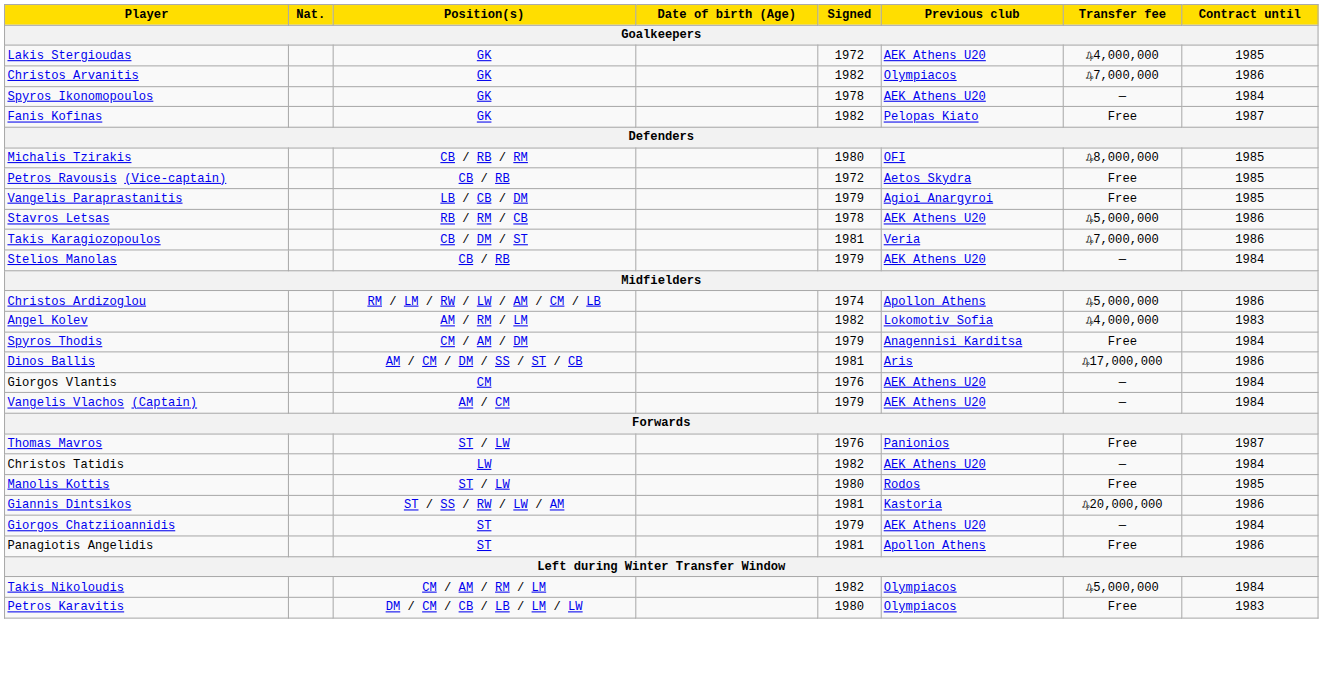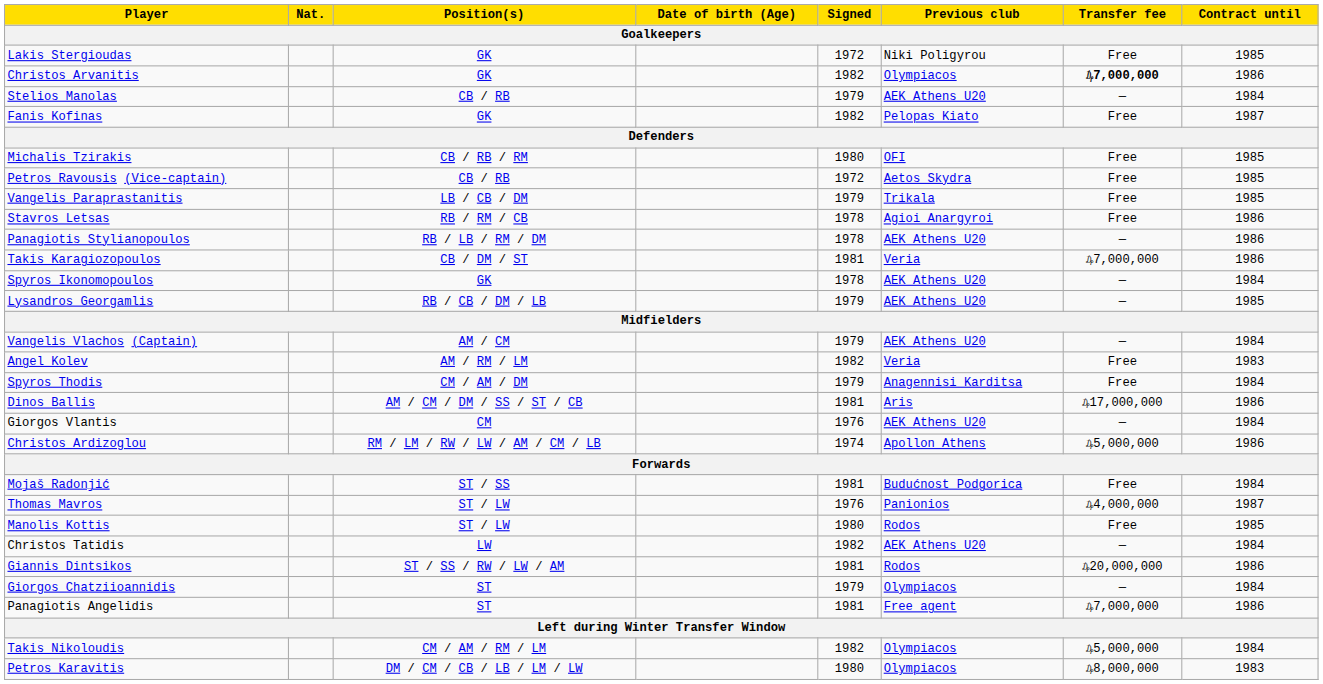 <table class="wikitable" style="text-align:center; font-size:90%;width:100%;">
 <tr>
 <th style="background:#FFDE00">Player</th>
 <th style="background:#FFDE00">Nat.</th>
 <th style="background:#FFDE00">Position(s)</th>
 <th style="background:#FFDE00">Date of birth (Age)</th>
 <th style="background:#FFDE00">Signed</th>
 <th style="background:#FFDE00">Previous club</th>
 <th style="background:#FFDE00">Transfer fee</th>
 <th style="background:#FFDE00">Contract until</th>
 </tr>
 <tr>
 <th colspan="8">Goalkeepers</th>
 </tr>
 <tr>
 <td align=left><a href='#'>Lakis Stergioudas</a></td>
 <td></td>
 <td><a href='#'>GK</a></td>
 <td></td>
 <td>1972</td>
-<td align=left> <a href='#'>AEK Athens U20</a></td>
-<td>₯4,000,000</td>
+<td align=left> Niki Poligyrou</td>
+<td>Free</td>
 <td>1985</td>
 </tr>
 <tr>
 <td align=left><a href='#'>Christos Arvanitis</a></td>
 <td></td>
 <td><a href='#'>GK</a></td>
 <td></td>
 <td>1982</td>
 <td align=left> <a href='#'>Olympiacos</a></td>
-<td>₯7,000,000</td>
+<td><strong>₯7,000,000</strong></td>
 <td>1986</td>
 </tr>
 <tr>
-<td align=left><a href='#'>Spyros Ikonomopoulos</a></td>
+<td align=left><a href='#'>Stelios Manolas</a></td>
 <td></td>
-<td><a href='#'>GK</a></td>
+<td><a href='#'>CB</a> / <a href='#'>RB</a></td>
 <td></td>
-<td>1978</td>
+<td>1979</td>
 <td align=left> <a href='#'>AEK Athens U20</a></td>
 <td>—</td>
 <td>1984</td>
 </tr>
 <tr>
 <td align=left><a href='#'>Fanis Kofinas</a></td>
 <td></td>
 <td><a href='#'>GK</a></td>
 <td></td>
 <td>1982</td>
 <td align=left> <a href='#'>Pelopas Kiato</a></td>
 <td>Free</td>
 <td>1987</td>
 </tr>
 <tr>
 <th colspan="8">Defenders</th>
 </tr>
 <tr>
 <td align=left><a href='#'>Michalis Tzirakis</a></td>
 <td></td>
 <td><a href='#'>CB</a> / <a href='#'>RB</a> / <a href='#'>RM</a></td>
 <td></td>
 <td>1980</td>
 <td align=left> <a href='#'>OFI</a></td>
-<td>₯8,000,000</td>
+<td>Free</td>
 <td>1985</td>
 </tr>
 <tr>
 <td align=left><a href='#'>Petros Ravousis</a> <a href='#'>(Vice-captain)</a></td>
 <td></td>
 <td><a href='#'>CB</a> / <a href='#'>RB</a></td>
 <td></td>
 <td>1972</td>
 <td align=left> <a href='#'>Aetos Skydra</a></td>
 <td>Free</td>
 <td>1985</td>
 </tr>
 <tr>
 <td align=left><a href='#'>Vangelis Paraprastanitis</a></td>
 <td></td>
 <td><a href='#'>LB</a> / <a href='#'>CB</a> / <a href='#'>DM</a></td>
 <td></td>
 <td>1979</td>
-<td align=left> <a href='#'>Agioi Anargyroi</a></td>
+<td align=left> <a href='#'>Trikala</a></td>
 <td>Free</td>
 <td>1985</td>
 </tr>
 <tr>
 <td align=left><a href='#'>Stavros Letsas</a></td>
 <td></td>
 <td><a href='#'>RB</a> / <a href='#'>RM</a> / <a href='#'>CB</a></td>
 <td></td>
 <td>1978</td>
+<td align=left> <a href='#'>Agioi Anargyroi</a></td>
+<td>Free</td>
+<td>1986</td>
+</tr>
+<tr>
+<td align=left><a href='#'>Panagiotis Stylianopoulos</a></td>
+<td></td>
+<td><a href='#'>RB</a> / <a href='#'>LB</a> / <a href='#'>RM</a> / <a href='#'>DM</a></td>
+<td></td>
+<td>1978</td>
 <td align=left> <a href='#'>AEK Athens U20</a></td>
-<td>₯5,000,000</td>
+<td>—</td>
 <td>1986</td>
 </tr>
 <tr>
 <td align=left><a href='#'>Takis Karagiozopoulos</a></td>
 <td></td>
 <td><a href='#'>CB</a> / <a href='#'>DM</a> / <a href='#'>ST</a></td>
 <td></td>
 <td>1981</td>
 <td align=left> <a href='#'>Veria</a></td>
 <td>₯7,000,000</td>
 <td>1986</td>
 </tr>
 <tr>
-<td align=left><a href='#'>Stelios Manolas</a></td>
+<td align=left><a href='#'>Spyros Ikonomopoulos</a></td>
 <td></td>
-<td><a href='#'>CB</a> / <a href='#'>RB</a></td>
+<td><a href='#'>GK</a></td>
+<td></td>
+<td>1978</td>
+<td align=left> <a href='#'>AEK Athens U20</a></td>
+<td>—</td>
+<td>1984</td>
+</tr>
+<tr>
+<td align=left><a href='#'>Lysandros Georgamlis</a></td>
+<td></td>
+<td><a href='#'>RB</a> / <a href='#'>CB</a> / <a href='#'>DM</a> / <a href='#'>LB</a></td>
+<td></td>
+<td>1979</td>
+<td align=left> <a href='#'>AEK Athens U20</a></td>
+<td>—</td>
+<td>1985</td>
+</tr>
+<tr>
+<th colspan="8">Midfielders</th>
+</tr>
+<tr>
+<td align=left><a href='#'>Vangelis Vlachos</a> <a href='#'>(Captain)</a></td>
+<td></td>
+<td><a href='#'>AM</a> / <a href='#'>CM</a></td>
 <td></td>
 <td>1979</td>
 <td align=left> <a href='#'>AEK Athens U20</a></td>
 <td>—</td>
 <td>1984</td>
 </tr>
 <tr>
-<th colspan="8">Midfielders</th>
-</tr>
-<tr>
-<td align=left><a href='#'>Christos Ardizoglou</a></td>
-<td></td>
-<td><a href='#'>RM</a> / <a href='#'>LM</a> / <a href='#'>RW</a> / <a href='#'>LW</a>  / <a href='#'>AM</a> / <a href='#'>CM</a> / <a href='#'>LB</a></td>
-<td></td>
-<td>1974</td>
-<td align=left> <a href='#'>Apollon Athens</a></td>
-<td>₯5,000,000</td>
-<td>1986</td>
-</tr>
-<tr>
 <td align=left><a href='#'>Angel Kolev</a></td>
 <td></td>
 <td><a href='#'>AM</a> / <a href='#'>RM</a> / <a href='#'>LM</a></td>
 <td></td>
 <td>1982</td>
-<td align=left> <a href='#'>Lokomotiv Sofia</a></td>
-<td>₯4,000,000</td>
+<td align=left> <a href='#'>Veria</a></td>
+<td>Free</td>
 <td>1983</td>
 </tr>
 <tr>
 <td align=left><a href='#'>Spyros Thodis</a></td>
 <td></td>
 <td><a href='#'>CM</a> / <a href='#'>AM</a> / <a href='#'>DM</a></td>
 <td></td>
 <td>1979</td>
 <td align=left> <a href='#'>Anagennisi Karditsa</a></td>
 <td>Free</td>
 <td>1984</td>
 </tr>
 <tr>
 <td align=left><a href='#'>Dinos Ballis</a></td>
 <td></td>
 <td><a href='#'>AM</a> / <a href='#'>CM</a> / <a href='#'>DM</a> / <a href='#'>SS</a> / <a href='#'>ST</a> / <a href='#'>CB</a></td>
 <td></td>
 <td>1981</td>
 <td align=left> <a href='#'>Aris</a></td>
 <td>₯17,000,000</td>
 <td>1986</td>
 </tr>
 <tr>
 <td align=left>Giorgos Vlantis</td>
 <td></td>
 <td><a href='#'>CM</a></td>
 <td></td>
 <td>1976</td>
 <td align=left> <a href='#'>AEK Athens U20</a></td>
 <td>—</td>
 <td>1984</td>
 </tr>
 <tr>
-<td align=left><a href='#'>Vangelis Vlachos</a> <a href='#'>(Captain)</a></td>
+<td align=left><a href='#'>Christos Ardizoglou</a></td>
 <td></td>
-<td><a href='#'>AM</a> / <a href='#'>CM</a></td>
+<td><a href='#'>RM</a> / <a href='#'>LM</a> / <a href='#'>RW</a> / <a href='#'>LW</a>  / <a href='#'>AM</a> / <a href='#'>CM</a> / <a href='#'>LB</a></td>
 <td></td>
-<td>1979</td>
-<td align=left> <a href='#'>AEK Athens U20</a></td>
-<td>—</td>
-<td>1984</td>
+<td>1974</td>
+<td align=left> <a href='#'>Apollon Athens</a></td>
+<td>₯5,000,000</td>
+<td>1986</td>
 </tr>
 <tr>
 <th colspan="8">Forwards</th>
+</tr>
+<tr>
+<td align=left><a href='#'>Mojaš Radonjić</a></td>
+<td></td>
+<td><a href='#'>ST</a> / <a href='#'>SS</a></td>
+<td></td>
+<td>1981</td>
+<td align=left> <a href='#'>Budućnost Podgorica</a></td>
+<td>Free</td>
+<td>1984</td>
 </tr>
 <tr>
 <td align=left><a href='#'>Thomas Mavros</a></td>
 <td></td>
 <td><a href='#'>ST</a> / <a href='#'>LW</a></td>
 <td></td>
 <td>1976</td>
 <td align=left> <a href='#'>Panionios</a></td>
+<td>₯4,000,000</td>
+<td>1987</td>
+</tr>
+<tr>
+<td align=left><a href='#'>Manolis Kottis</a></td>
+<td></td>
+<td><a href='#'>ST</a> / <a href='#'>LW</a></td>
+<td></td>
+<td>1980</td>
+<td align=left> <a href='#'>Rodos</a></td>
 <td>Free</td>
-<td>1987</td>
+<td>1985</td>
 </tr>
 <tr>
 <td align=left>Christos Tatidis</td>
 <td></td>
 <td><a href='#'>LW</a></td>
 <td></td>
 <td>1982</td>
 <td align=left> <a href='#'>AEK Athens U20</a></td>
 <td>—</td>
 <td>1984</td>
 </tr>
 <tr>
-<td align=left><a href='#'>Manolis Kottis</a></td>
-<td></td>
-<td><a href='#'>ST</a> / <a href='#'>LW</a></td>
-<td></td>
-<td>1980</td>
-<td align=left> <a href='#'>Rodos</a></td>
-<td>Free</td>
-<td>1985</td>
-</tr>
-<tr>
 <td align=left><a href='#'>Giannis Dintsikos</a></td>
 <td></td>
 <td><a href='#'>ST</a> / <a href='#'>SS</a> / <a href='#'>RW</a> / <a href='#'>LW</a> / <a href='#'>AM</a></td>
 <td></td>
 <td>1981</td>
-<td align=left> <a href='#'>Kastoria</a></td>
+<td align=left> <a href='#'>Rodos</a></td>
 <td>₯20,000,000</td>
 <td>1986</td>
 </tr>
 <tr>
 <td align=left><a href='#'>Giorgos Chatziioannidis</a></td>
 <td></td>
 <td><a href='#'>ST</a></td>
 <td></td>
 <td>1979</td>
-<td align=left> <a href='#'>AEK Athens U20</a></td>
+<td align=left> <a href='#'>Olympiacos</a></td>
 <td>—</td>
 <td>1984</td>
 </tr>
 <tr>
 <td align=left>Panagiotis Angelidis</td>
 <td></td>
 <td><a href='#'>ST</a></td>
 <td></td>
 <td>1981</td>
-<td align=left> <a href='#'>Apollon Athens</a></td>
-<td>Free</td>
+<td align=left><a href='#'>Free agent</a></td>
+<td>₯7,000,000</td>
 <td>1986</td>
 </tr>
 <tr>
 <th colspan="8">Left during Winter Transfer Window</th>
 </tr>
 <tr>
 <td align=left><a href='#'>Takis Nikoloudis</a></td>
 <td></td>
 <td><a href='#'>CM</a> / <a href='#'>AM</a> / <a href='#'>RM</a> / <a href='#'>LM</a></td>
 <td></td>
 <td>1982</td>
 <td align=left> <a href='#'>Olympiacos</a></td>
 <td>₯5,000,000</td>
 <td>1984</td>
 </tr>
 <tr>
 <td align=left><a href='#'>Petros Karavitis</a></td>
 <td></td>
 <td><a href='#'>DM</a> / <a href='#'>CM</a> / <a href='#'>CB</a> / <a href='#'>LB</a> / <a href='#'>LM</a> / <a href='#'>LW</a></td>
 <td></td>
 <td>1980</td>
 <td align=left> <a href='#'>Olympiacos</a></td>
-<td>Free</td>
+<td>₯8,000,000</td>
 <td>1983</td>
 </tr>
 </table>
